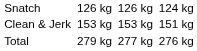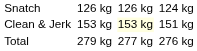 <table>
 <tr>
 <td>Snatch</td>
 <td></td>
 <td>126 kg</td>
 <td></td>
 <td>126 kg</td>
 <td></td>
 <td>124 kg</td>
 </tr>
 <tr>
 <td>Clean & Jerk</td>
 <td></td>
 <td>153 kg</td>
 <td></td>
-<td>153 kg</td>
+<td style="background: lightyellow;">153 kg</td>
 <td></td>
 <td>151 kg</td>
 </tr>
 <tr>
 <td>Total</td>
 <td></td>
 <td>279 kg</td>
 <td></td>
 <td>277 kg</td>
 <td></td>
 <td>276 kg</td>
 </tr>
 </table>
